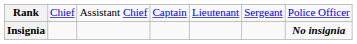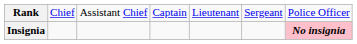 <table class="wikitable">
 <tr style="text-align:center;">
 <th>Rank</th>
 <td><a href='#'>Chief</a></td>
 <td>Assistant <a href='#'>Chief</a></td>
 <td><a href='#'>Captain</a></td>
 <td><a href='#'>Lieutenant</a></td>
 <td><a href='#'>Sergeant</a></td>
 <td><a href='#'>Police Officer</a></td>
 </tr>
 <tr style="text-align:center;">
 <th>Insignia</th>
 <td></td>
 <td></td>
 <td></td>
 <td></td>
 <td></td>
-<td><strong><em>No insignia</em></strong></td>
+<td style="background: pink;"><strong><em>No insignia</em></strong></td>
 </tr>
 </table>
